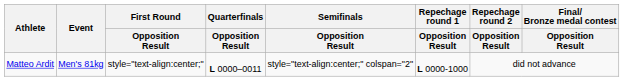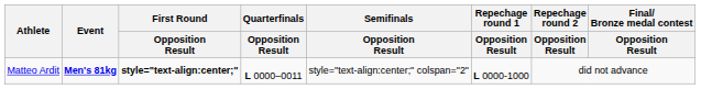 <table class=wikitable style="font-size:90%">
 <tr>
 <th rowspan="2">Athlete</th>
 <th rowspan="2">Event</th>
 <th>First Round</th>
 <th>Quarterfinals</th>
 <th>Semifinals</th>
 <th>Repechage <br>round 1</th>
 <th>Repechage <br>round 2</th>
 <th>Final/<br>Bronze medal contest</th>
 </tr>
 <tr>
 <th>Opposition<br>Result</th>
 <th>Opposition<br>Result</th>
 <th>Opposition<br>Result</th>
 <th>Opposition<br>Result</th>
 <th>Opposition<br>Result</th>
 <th>Opposition<br>Result</th>
 </tr>
 <tr>
 <td><a href='#'>Matteo Ardit</a></td>
-<td style="text-align:center;"><a href='#'>Men's 81kg</a></td>
-<td>style="text-align:center;" </td>
+<td style="text-align:center;"><strong><a href='#'>Men's 81kg</a></strong></td>
+<td><strong>style="text-align:center;" </strong></td>
 <td style="text-align:center;"><br> <strong>L</strong> 0000–0011</td>
 <td>style="text-align:center;" colspan="2" </td>
 <td style="text-align:center;"><br> <strong>L</strong> 0000-1000</td>
 <td style="text-align:center;" colspan="2">did not advance</td>
 </tr>
 </table>
